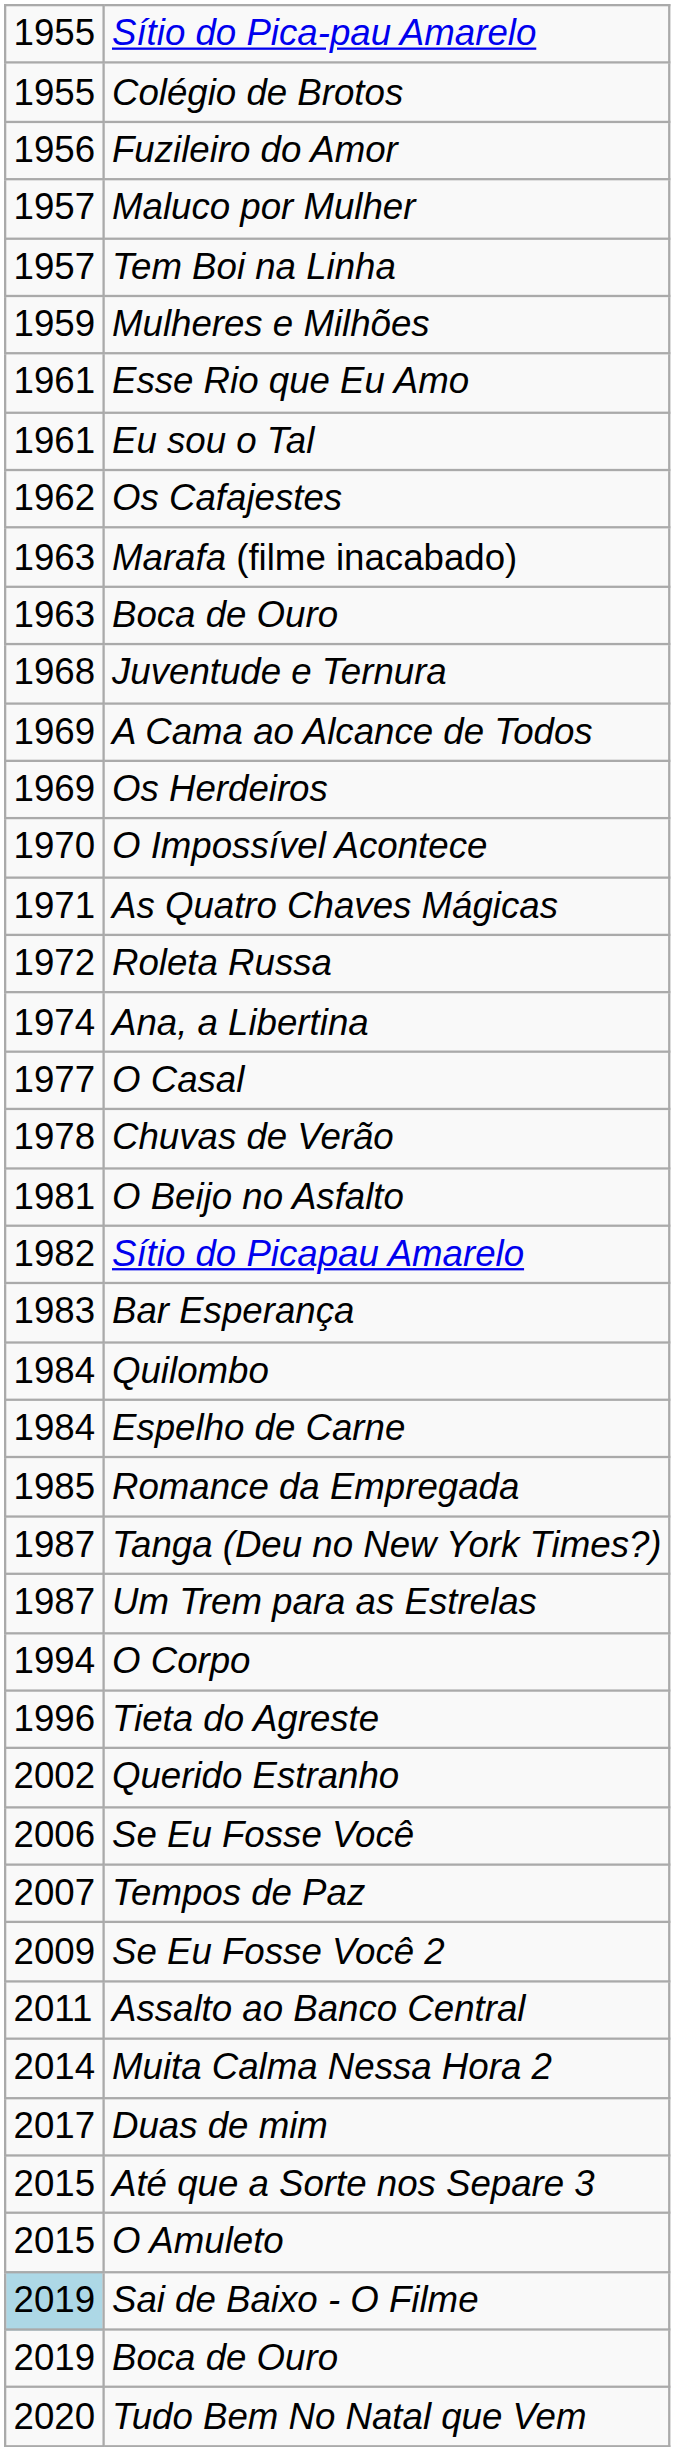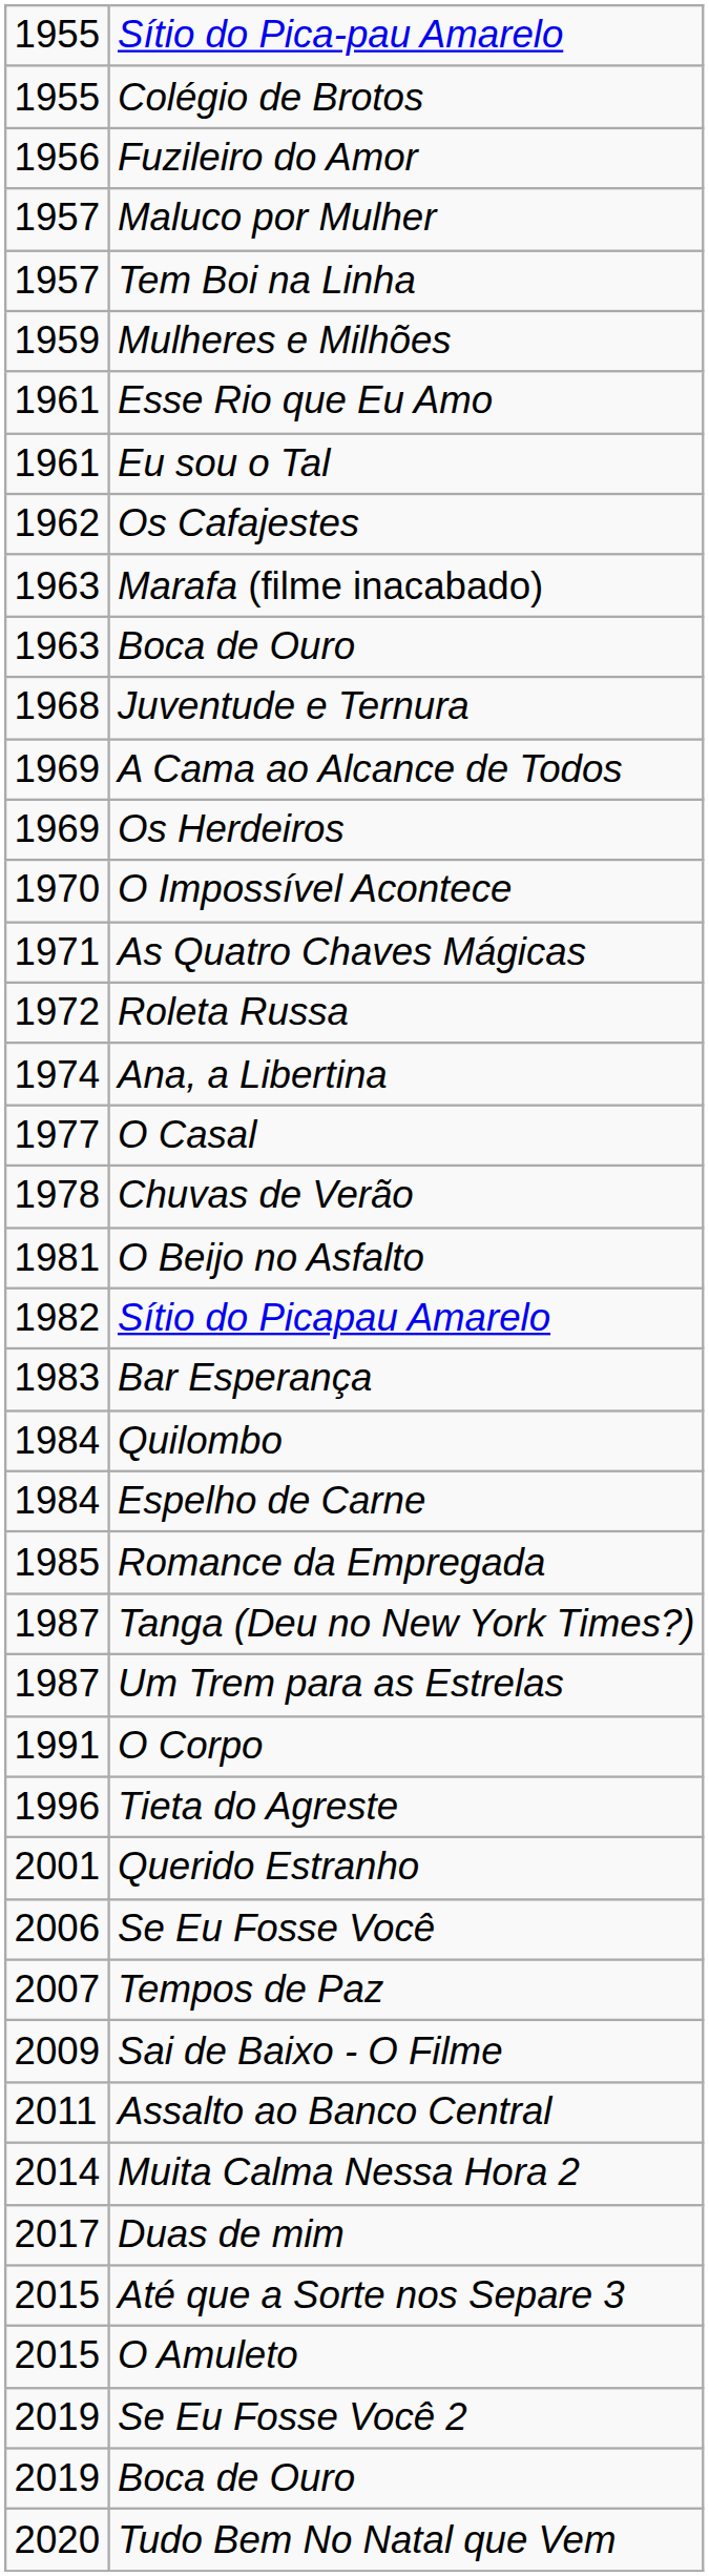 <table class="wikitable">
 <tr>
 <td>1955</td>
 <td><em><a href='#'>Sítio do Pica-pau Amarelo</a></em></td>
 </tr>
 <tr>
 <td>1955</td>
 <td><em>Colégio de Brotos</em></td>
 </tr>
 <tr>
 <td>1956</td>
 <td><em>Fuzileiro do Amor</em></td>
 </tr>
 <tr>
 <td>1957</td>
 <td><em>Maluco por Mulher</em></td>
 </tr>
 <tr>
 <td>1957</td>
 <td><em>Tem Boi na Linha</em></td>
 </tr>
 <tr>
 <td>1959</td>
 <td><em>Mulheres e Milhões</em></td>
 </tr>
 <tr>
 <td>1961</td>
 <td><em>Esse Rio que Eu Amo</em></td>
 </tr>
 <tr>
 <td>1961</td>
 <td><em>Eu sou o Tal</em></td>
 </tr>
 <tr>
 <td>1962</td>
 <td><em>Os Cafajestes</em></td>
 </tr>
 <tr>
 <td>1963</td>
 <td><em>Marafa</em> (filme  inacabado)</td>
 </tr>
 <tr>
 <td>1963</td>
 <td><em>Boca de Ouro</em></td>
 </tr>
 <tr>
 <td>1968</td>
 <td><em>Juventude e Ternura</em></td>
 </tr>
 <tr>
 <td>1969</td>
 <td><em>A Cama ao Alcance de Todos</em></td>
 </tr>
 <tr>
 <td>1969</td>
 <td><em>Os Herdeiros</em></td>
 </tr>
 <tr>
 <td>1970</td>
 <td><em>O Impossível Acontece</em></td>
 </tr>
 <tr>
 <td>1971</td>
 <td><em>As Quatro Chaves Mágicas</em></td>
 </tr>
 <tr>
 <td>1972</td>
 <td><em>Roleta Russa</em></td>
 </tr>
 <tr>
 <td>1974</td>
 <td><em>Ana, a Libertina</em></td>
 </tr>
 <tr>
 <td>1977</td>
 <td><em>O Casal</em></td>
 </tr>
 <tr>
 <td>1978</td>
 <td><em>Chuvas de Verão</em></td>
 </tr>
 <tr>
 <td>1981</td>
 <td><em>O Beijo no Asfalto</em></td>
 </tr>
 <tr>
 <td>1982</td>
 <td><em><a href='#'>Sítio do Picapau Amarelo</a></em></td>
 </tr>
 <tr>
 <td>1983</td>
 <td><em>Bar Esperança</em></td>
 </tr>
 <tr>
 <td>1984</td>
 <td><em>Quilombo</em></td>
 </tr>
 <tr>
 <td>1984</td>
 <td><em>Espelho de Carne</em></td>
 </tr>
 <tr>
 <td>1985</td>
 <td><em>Romance da Empregada</em></td>
 </tr>
 <tr>
 <td>1987</td>
 <td><em>Tanga (Deu no New York Times?)</em></td>
 </tr>
 <tr>
 <td>1987</td>
 <td><em>Um Trem para as Estrelas</em></td>
 </tr>
 <tr>
-<td>1994</td>
+<td>1991</td>
 <td><em>O Corpo</em></td>
 </tr>
 <tr>
 <td>1996</td>
 <td><em>Tieta do Agreste</em></td>
 </tr>
 <tr>
-<td>2002</td>
+<td>2001</td>
 <td><em>Querido Estranho</em></td>
 </tr>
 <tr>
 <td>2006</td>
 <td><em>Se Eu Fosse Você</em></td>
 </tr>
 <tr>
 <td>2007</td>
 <td><em>Tempos de Paz</em></td>
 </tr>
 <tr>
 <td>2009</td>
-<td><em>Se Eu Fosse Você 2</em></td>
+<td><em>Sai de Baixo - O Filme</em></td>
 </tr>
 <tr>
 <td>2011</td>
 <td><em>Assalto ao Banco Central</em></td>
 </tr>
 <tr>
 <td>2014</td>
 <td><em>Muita Calma Nessa Hora 2</em></td>
 </tr>
 <tr>
 <td>2017</td>
 <td><em>Duas de mim</em></td>
 </tr>
 <tr>
 <td>2015</td>
 <td><em>Até que a Sorte nos Separe 3</em></td>
 </tr>
 <tr>
 <td>2015</td>
 <td><em>O Amuleto</em></td>
 </tr>
 <tr>
-<td style="background: lightblue;">2019</td>
-<td><em>Sai de Baixo - O Filme</em></td>
+<td>2019</td>
+<td><em>Se Eu Fosse Você 2</em></td>
 </tr>
 <tr>
 <td>2019</td>
 <td><em>Boca de Ouro</em></td>
 </tr>
 <tr>
 <td>2020</td>
 <td><em>Tudo Bem No Natal que Vem</em></td>
 </tr>
 </table>
